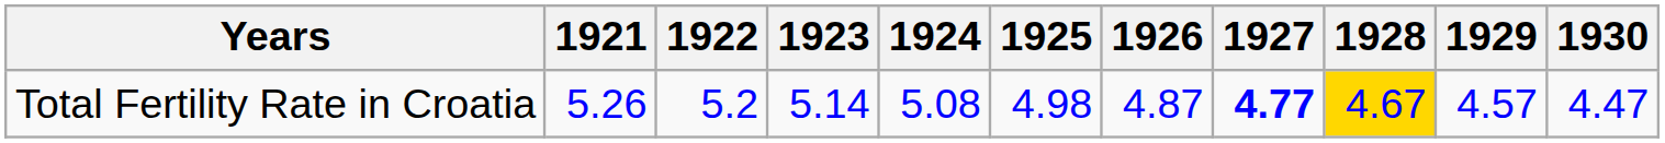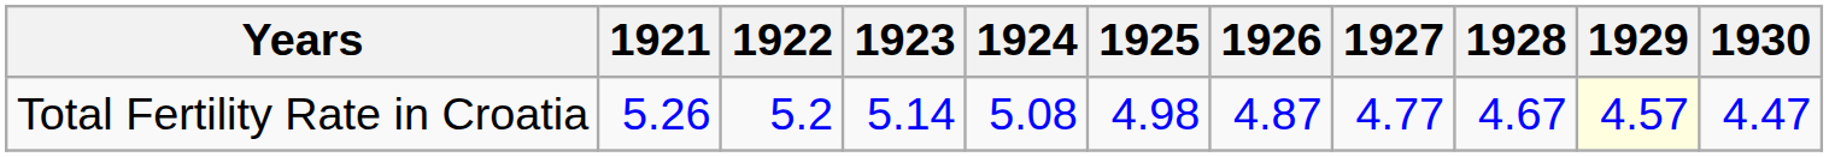 <table class="wikitable " style="text-align:right">
 <tr>
 <th>Years</th>
 <th>1921</th>
 <th>1922</th>
 <th>1923</th>
 <th>1924</th>
 <th>1925</th>
 <th>1926</th>
 <th>1927</th>
 <th>1928</th>
 <th>1929</th>
 <th>1930</th>
 </tr>
 <tr>
 <td align="left">Total Fertility Rate in Croatia</td>
 <td style="text-align:right; color:blue;">5.26</td>
 <td style="text-align:right; color:blue;">5.2</td>
 <td style="text-align:right; color:blue;">5.14</td>
 <td style="text-align:right; color:blue;">5.08</td>
 <td style="text-align:right; color:blue;">4.98</td>
 <td style="text-align:right; color:blue;">4.87</td>
-<td style="text-align:right; color:blue;"><strong>4.77</strong></td>
-<td style="background: gold; text-align:right; color:blue;">4.67</td>
-<td style="text-align:right; color:blue;">4.57</td>
+<td style="text-align:right; color:blue;">4.77</td>
+<td style="text-align:right; color:blue;">4.67</td>
+<td style="background: lightyellow; text-align:right; color:blue;">4.57</td>
 <td style="text-align:right; color:blue;">4.47</td>
 </tr>
 </table>
